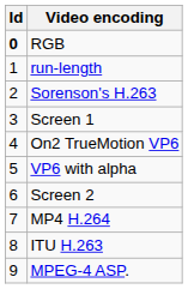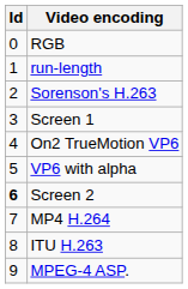 <table class="wikitable">
 <tr>
 <th>Id</th>
 <th>Video encoding</th>
 </tr>
 <tr>
-<td><strong>0</strong></td>
+<td>0</td>
 <td>RGB</td>
 </tr>
 <tr>
 <td>1</td>
 <td><a href='#'>run-length</a></td>
 </tr>
 <tr>
 <td>2</td>
 <td><a href='#'>Sorenson's H.263</a></td>
 </tr>
 <tr>
 <td>3</td>
 <td>Screen 1</td>
 </tr>
 <tr>
 <td>4</td>
 <td>On2 TrueMotion <a href='#'>VP6</a></td>
 </tr>
 <tr>
 <td>5</td>
 <td><a href='#'>VP6</a> with alpha</td>
 </tr>
 <tr>
-<td>6</td>
+<td><strong>6</strong></td>
 <td>Screen 2</td>
 </tr>
 <tr>
 <td>7</td>
 <td>MP4 <a href='#'>H.264</a></td>
 </tr>
 <tr>
 <td>8</td>
 <td>ITU <a href='#'>H.263</a></td>
 </tr>
 <tr>
 <td>9</td>
 <td><a href='#'>MPEG-4 ASP</a>.</td>
 </tr>
 </table>
